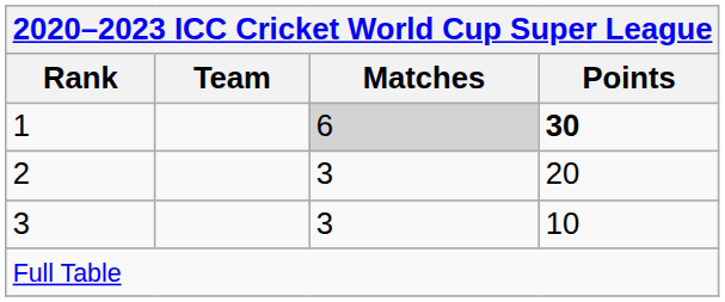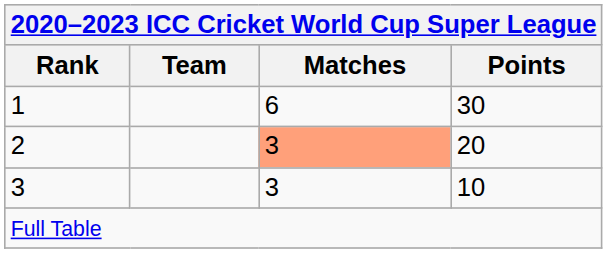 <table class="wikitable" style="white-space: nowrap;" style="text-align:center">
 <tr>
 <th colspan="4"><a href='#'>2020–2023 ICC Cricket World Cup Super League</a></th>
 </tr>
 <tr>
 <th>Rank</th>
 <th>Team</th>
 <th>Matches</th>
 <th>Points</th>
 </tr>
 <tr>
 <td>1</td>
 <td style="text-align:left"></td>
-<td style="background: lightgrey;">6</td>
-<td><strong>30</strong></td>
+<td>6</td>
+<td>30</td>
 </tr>
 <tr>
 <td>2</td>
 <td style="text-align:left"></td>
-<td>3</td>
+<td style="background: lightsalmon;">3</td>
 <td>20</td>
 </tr>
 <tr>
 <td>3</td>
 <td style="text-align:left"></td>
 <td>3</td>
 <td>10</td>
 </tr>
 <tr>
 <td colspan="4"><small><a href='#'>Full Table</a></small></td>
 </tr>
 </table>
